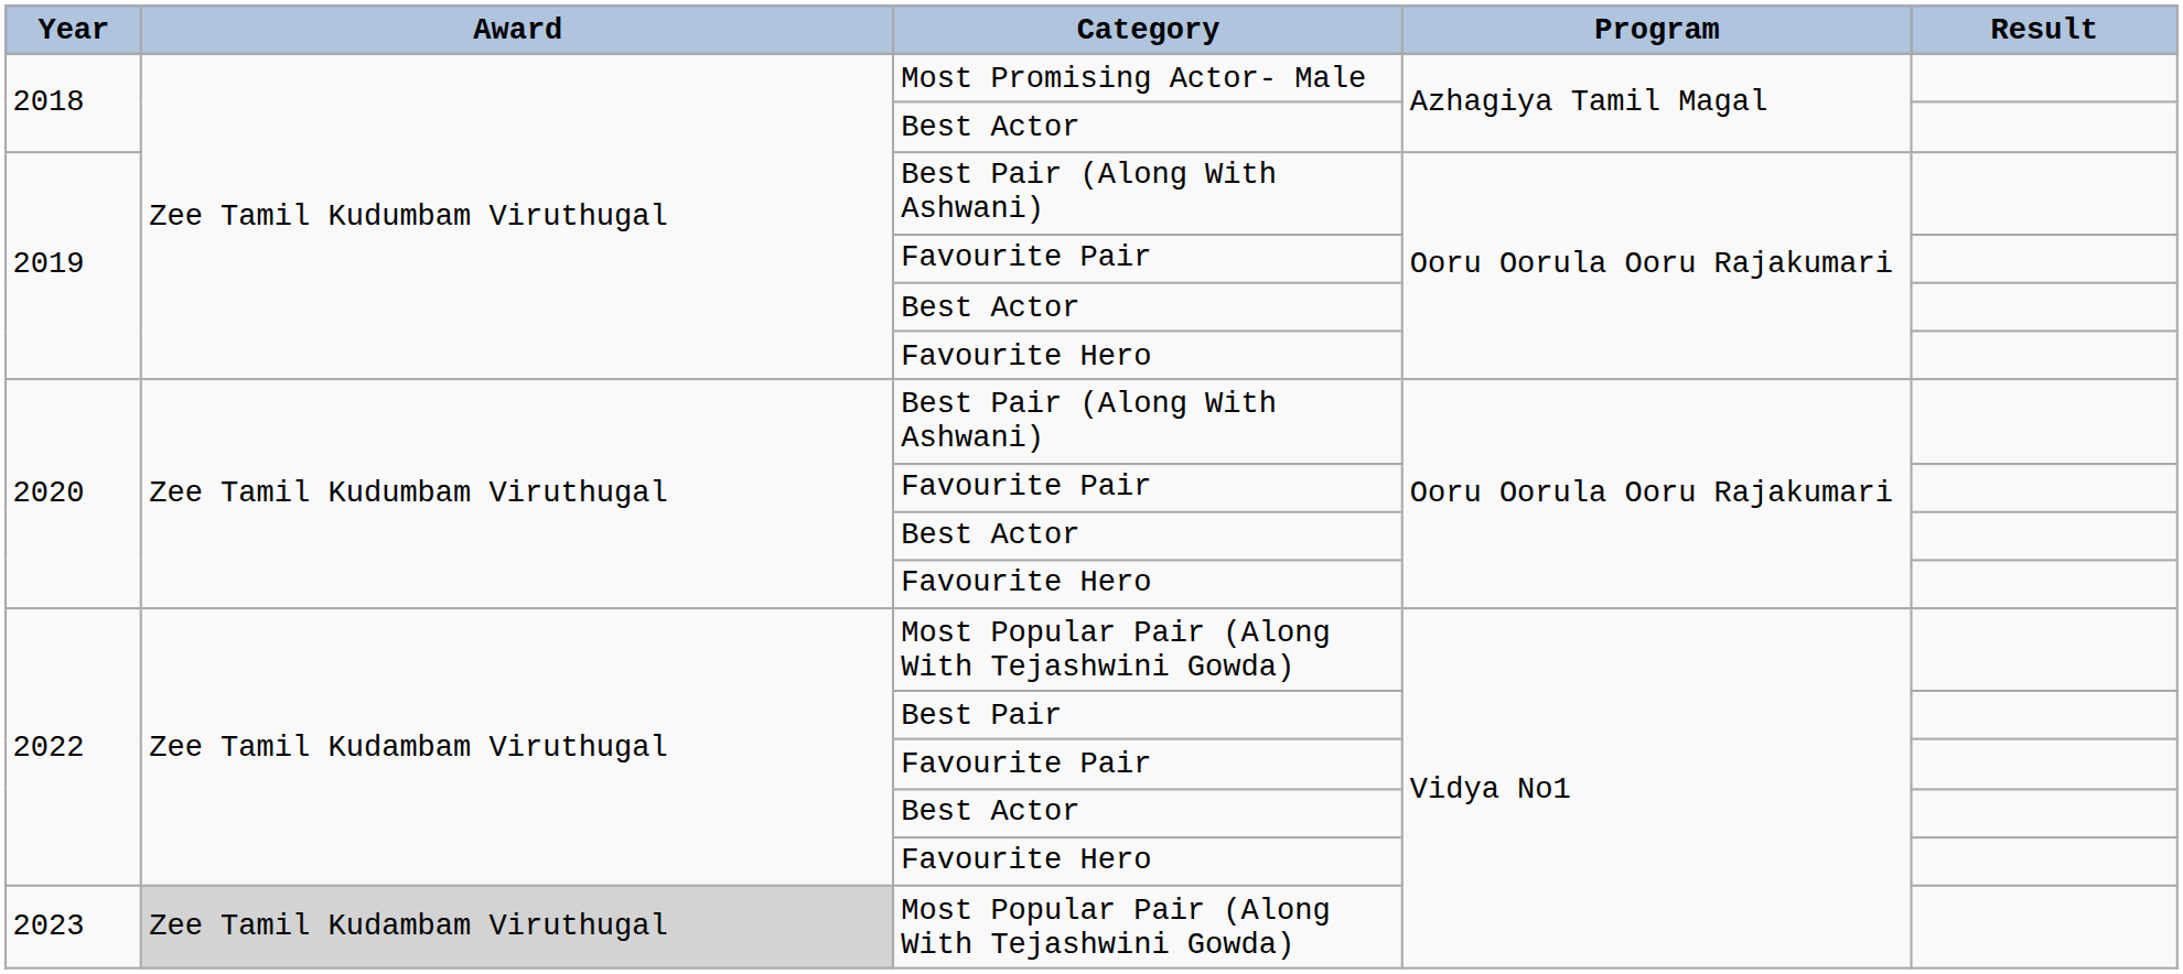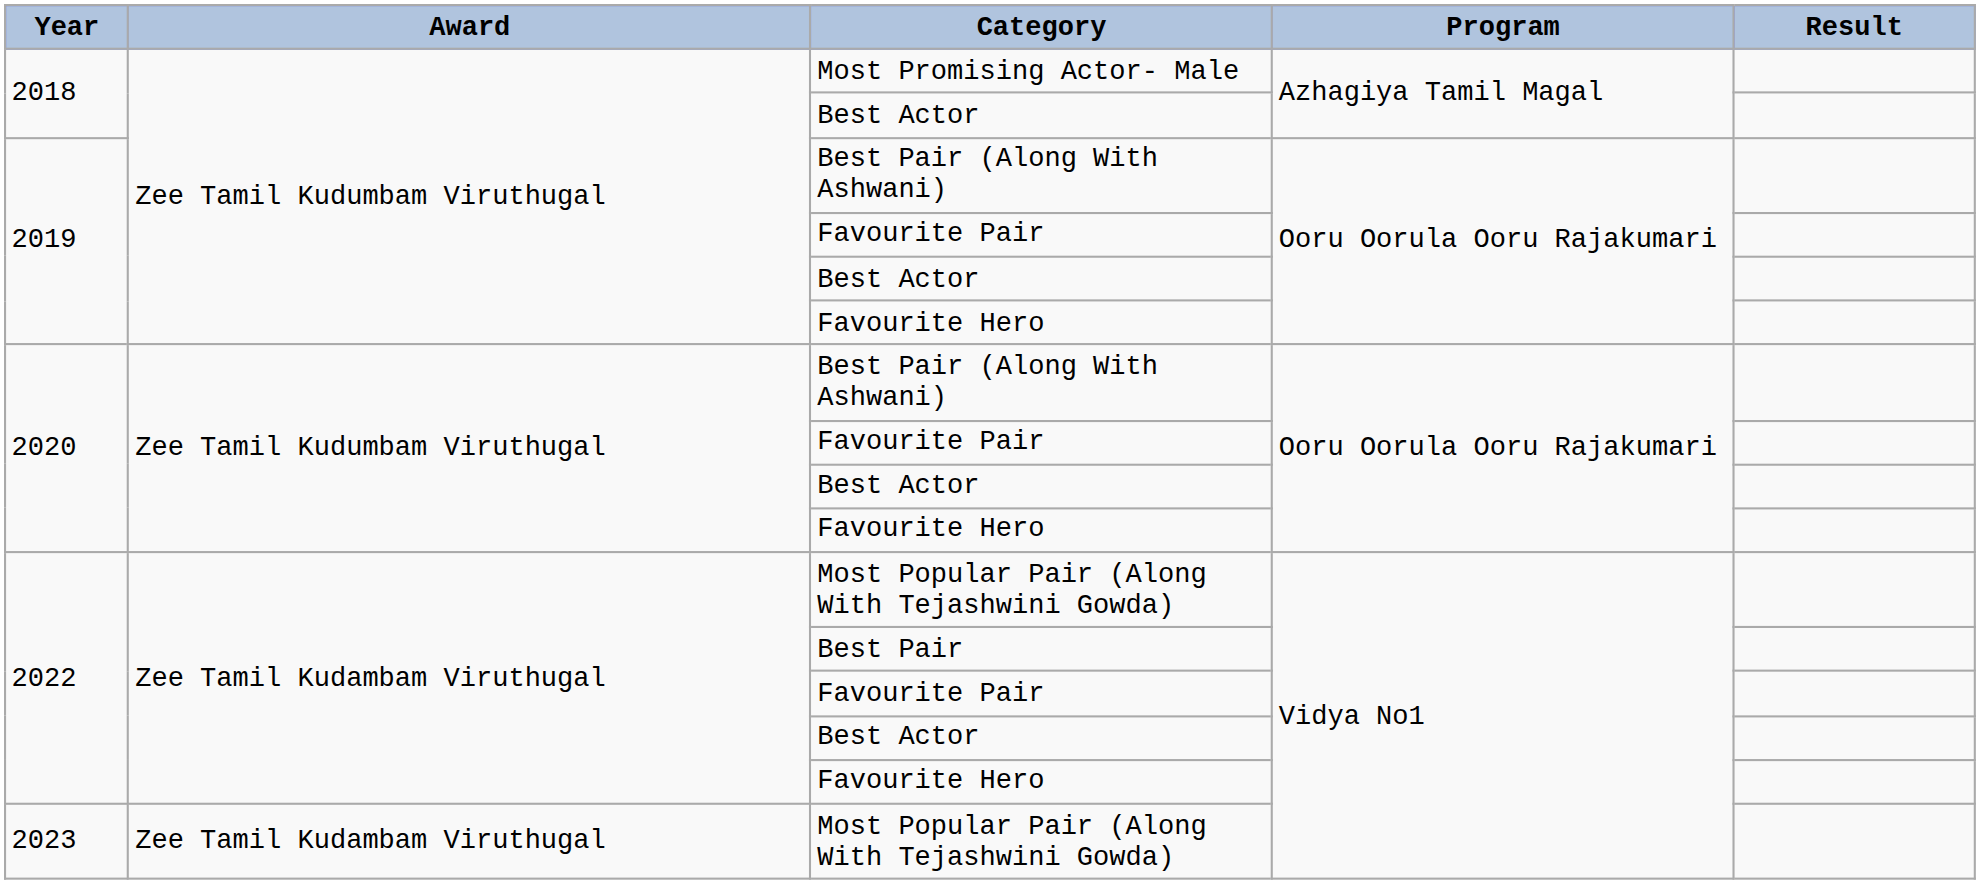 <table class="wikitable" width="75%">
 <tr bgcolor="blue">
 <th style="width:10pt; background:LightSteelBlue;">Year</th>
 <th style="width:150pt; background:LightSteelBlue;">Award</th>
 <th style="width:100pt; background:LightSteelBlue;">Category</th>
 <th style="width:100pt; background:LightSteelBlue;">Program</th>
 <th style="width:50pt; background:LightSteelBlue;">Result</th>
 </tr>
 <tr>
 <td rowspan="2">2018</td>
 <td rowspan="6">Zee Tamil Kudumbam Viruthugal</td>
 <td>Most Promising Actor- Male</td>
 <td rowspan="2">Azhagiya Tamil Magal</td>
 <td></td>
 </tr>
 <tr>
 <td>Best Actor</td>
 <td></td>
 </tr>
 <tr>
 <td rowspan="4">2019</td>
 <td>Best Pair (Along With Ashwani)</td>
 <td rowspan="4">Ooru Oorula Ooru Rajakumari</td>
 <td></td>
 </tr>
 <tr>
 <td>Favourite Pair</td>
 <td></td>
 </tr>
 <tr>
 <td>Best Actor</td>
 <td></td>
 </tr>
 <tr>
 <td>Favourite Hero</td>
 <td></td>
 </tr>
 <tr>
 <td rowspan="4">2020</td>
 <td rowspan="4">Zee Tamil Kudumbam Viruthugal</td>
 <td>Best Pair (Along With Ashwani)</td>
 <td rowspan="4">Ooru Oorula Ooru Rajakumari</td>
 <td></td>
 </tr>
 <tr>
 <td>Favourite Pair</td>
 <td></td>
 </tr>
 <tr>
 <td>Best Actor</td>
 <td></td>
 </tr>
 <tr>
 <td>Favourite Hero</td>
 <td></td>
 </tr>
 <tr>
 <td rowspan="5">2022</td>
 <td rowspan="5">Zee Tamil Kudambam Viruthugal</td>
 <td>Most Popular Pair (Along With Tejashwini Gowda)</td>
 <td rowspan="6">Vidya No1</td>
 <td></td>
 </tr>
 <tr>
 <td>Best Pair</td>
 <td></td>
 </tr>
 <tr>
 <td>Favourite Pair</td>
 <td></td>
 </tr>
 <tr>
 <td>Best Actor</td>
 <td></td>
 </tr>
 <tr>
 <td>Favourite Hero</td>
 <td></td>
 </tr>
 <tr>
 <td>2023</td>
-<td style="background: lightgrey;">Zee Tamil Kudambam Viruthugal</td>
+<td>Zee Tamil Kudambam Viruthugal</td>
 <td>Most Popular Pair (Along With Tejashwini Gowda)</td>
 <td></td>
 </tr>
 </table>
